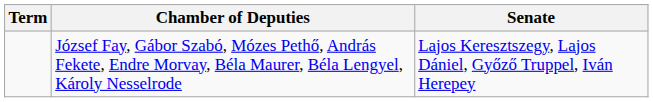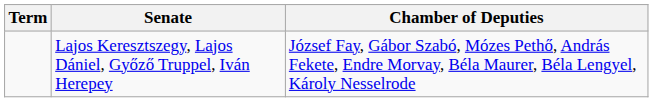 <table class=wikitable>
 <tr>
 <th>Term</th>
+<th>Senate</th>
 <th>Chamber of Deputies</th>
-<th>Senate</th>
 </tr>
 <tr>
 <td></td>
+<td><a href='#'>Lajos Keresztszegy</a>, <a href='#'>Lajos Dániel</a>, <a href='#'>Győző Truppel</a>, <a href='#'>Iván Herepey</a></td>
 <td><a href='#'>József Fay</a>, <a href='#'>Gábor Szabó</a>, <a href='#'>Mózes Pethő</a>, <a href='#'>András Fekete</a>, <a href='#'>Endre Morvay</a>, <a href='#'>Béla Maurer</a>, <a href='#'>Béla Lengyel</a>, <a href='#'>Károly Nesselrode</a></td>
-<td><a href='#'>Lajos Keresztszegy</a>, <a href='#'>Lajos Dániel</a>, <a href='#'>Győző Truppel</a>, <a href='#'>Iván Herepey</a></td>
 </tr>
 </table>
